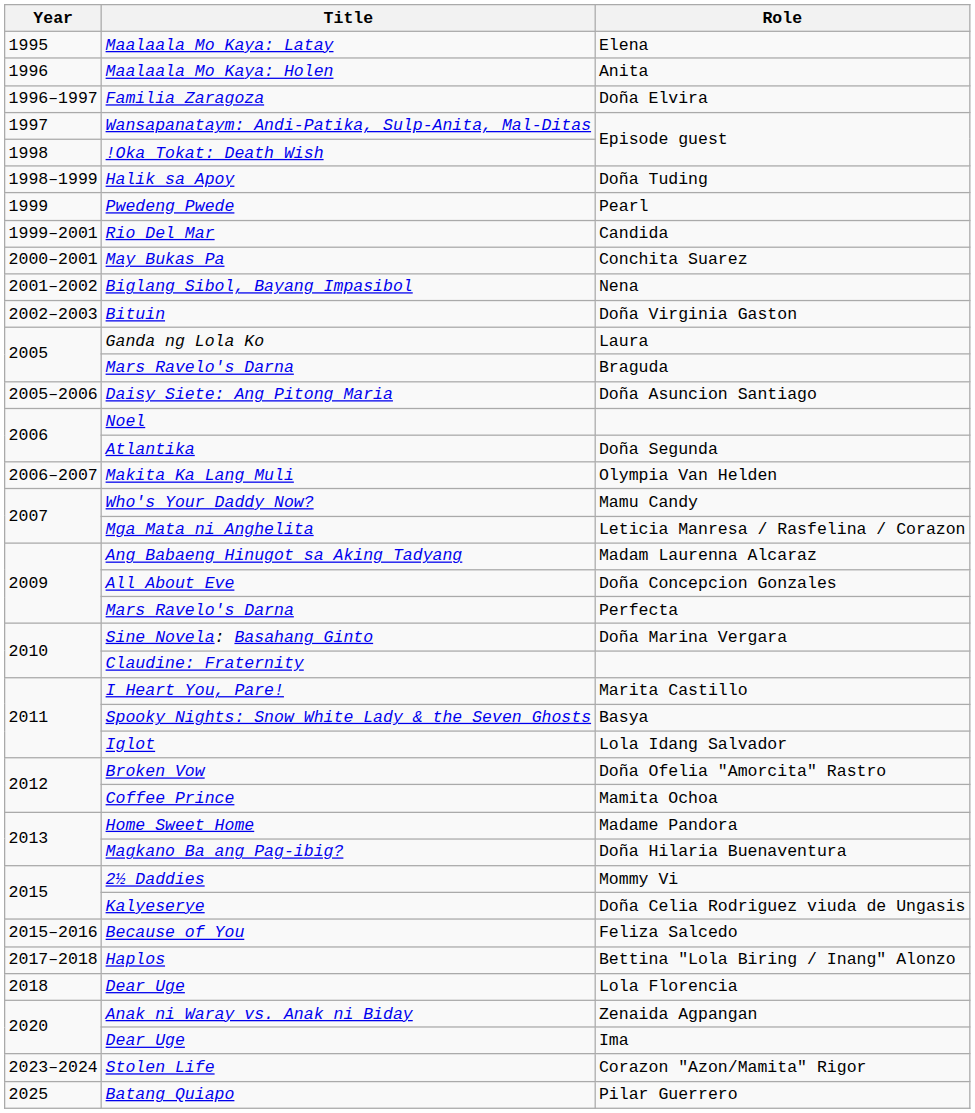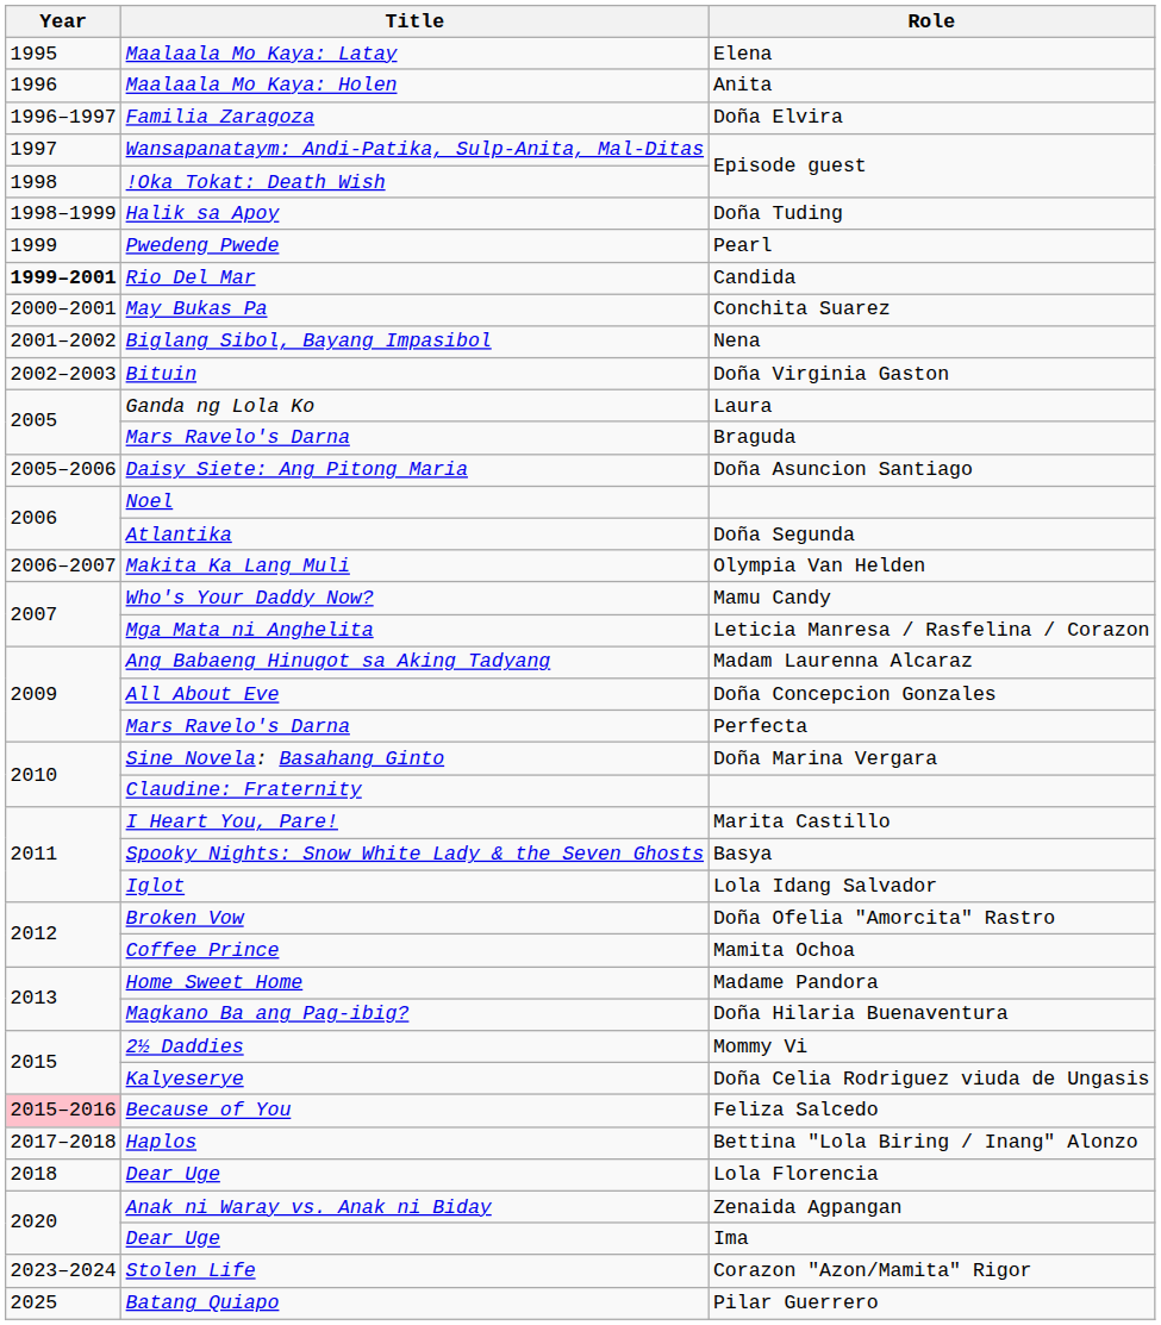 <table class="wikitable sortable">
 <tr>
 <th>Year</th>
 <th>Title</th>
 <th>Role</th>
 </tr>
 <tr>
 <td>1995</td>
 <td><a href='#'><em>Maalaala Mo Kaya: Latay</em></a></td>
 <td>Elena</td>
 </tr>
 <tr>
 <td>1996</td>
 <td><a href='#'><em>Maalaala Mo Kaya: Holen</em></a></td>
 <td>Anita</td>
 </tr>
 <tr>
 <td>1996–1997</td>
 <td><em><a href='#'>Familia Zaragoza</a></em></td>
 <td>Doña Elvira</td>
 </tr>
 <tr>
 <td>1997</td>
 <td><em><a href='#'>Wansapanataym: Andi-Patika, Sulp-Anita, Mal-Ditas</a></em></td>
 <td rowspan="2">Episode guest</td>
 </tr>
 <tr>
 <td>1998</td>
 <td><em><a href='#'>!Oka Tokat: Death Wish</a></em></td>
 </tr>
 <tr>
 <td>1998–1999</td>
 <td><em><a href='#'>Halik sa Apoy</a></em></td>
 <td>Doña Tuding</td>
 </tr>
 <tr>
 <td>1999</td>
 <td><em><a href='#'>Pwedeng Pwede</a></em></td>
 <td>Pearl</td>
 </tr>
 <tr>
-<td>1999–2001</td>
+<td><strong>1999–2001</strong></td>
 <td><em><a href='#'>Rio Del Mar</a></em></td>
 <td>Candida</td>
 </tr>
 <tr>
 <td>2000–2001</td>
 <td><em><a href='#'>May Bukas Pa</a></em></td>
 <td>Conchita Suarez</td>
 </tr>
 <tr>
 <td>2001–2002</td>
 <td><em><a href='#'>Biglang Sibol, Bayang Impasibol</a></em></td>
 <td>Nena</td>
 </tr>
 <tr>
 <td>2002–2003</td>
 <td><em><a href='#'>Bituin</a></em></td>
 <td>Doña Virginia Gaston</td>
 </tr>
 <tr>
 <td rowspan="2">2005</td>
 <td><em>Ganda ng Lola Ko</em></td>
 <td>Laura</td>
 </tr>
 <tr>
 <td><em><a href='#'>Mars Ravelo's Darna</a></em></td>
 <td>Braguda</td>
 </tr>
 <tr>
 <td>2005–2006</td>
 <td><em><a href='#'>Daisy Siete: Ang Pitong Maria</a></em></td>
 <td>Doña Asuncion Santiago</td>
 </tr>
 <tr>
 <td rowspan="2">2006</td>
 <td><em><a href='#'>Noel</a></em></td>
 <td></td>
 </tr>
 <tr>
 <td><em><a href='#'>Atlantika</a></em></td>
 <td>Doña Segunda</td>
 </tr>
 <tr>
 <td>2006–2007</td>
 <td><em><a href='#'>Makita Ka Lang Muli</a></em></td>
 <td>Olympia Van Helden</td>
 </tr>
 <tr>
 <td rowspan="2">2007</td>
 <td><em><a href='#'>Who's Your Daddy Now?</a></em></td>
 <td>Mamu Candy</td>
 </tr>
 <tr>
 <td><em><a href='#'>Mga Mata ni Anghelita</a></em></td>
 <td>Leticia Manresa / Rasfelina / Corazon</td>
 </tr>
 <tr>
 <td rowspan="3">2009</td>
 <td><em><a href='#'>Ang Babaeng Hinugot sa Aking Tadyang</a></em></td>
 <td>Madam Laurenna Alcaraz</td>
 </tr>
 <tr>
 <td><em><a href='#'>All About Eve</a></em></td>
 <td>Doña Concepcion Gonzales</td>
 </tr>
 <tr>
 <td><em><a href='#'>Mars Ravelo's Darna</a></em></td>
 <td>Perfecta</td>
 </tr>
 <tr>
 <td rowspan="2">2010</td>
 <td><em><a href='#'>Sine Novela</a>: <a href='#'>Basahang Ginto</a></em></td>
 <td>Doña Marina Vergara</td>
 </tr>
 <tr>
 <td><em><a href='#'>Claudine: Fraternity</a></em></td>
 <td></td>
 </tr>
 <tr>
 <td rowspan="3">2011</td>
 <td><em><a href='#'>I Heart You, Pare!</a></em></td>
 <td>Marita Castillo</td>
 </tr>
 <tr>
 <td><em><a href='#'>Spooky Nights: Snow White Lady & the Seven Ghosts</a></em></td>
 <td>Basya</td>
 </tr>
 <tr>
 <td><em><a href='#'>Iglot</a></em></td>
 <td>Lola Idang Salvador</td>
 </tr>
 <tr>
 <td rowspan="2">2012</td>
 <td><em><a href='#'>Broken Vow</a></em></td>
 <td>Doña Ofelia "Amorcita" Rastro</td>
 </tr>
 <tr>
 <td><em><a href='#'>Coffee Prince</a></em></td>
 <td>Mamita Ochoa</td>
 </tr>
 <tr>
 <td rowspan="2">2013</td>
 <td><em><a href='#'>Home Sweet Home</a></em></td>
 <td>Madame Pandora</td>
 </tr>
 <tr>
 <td><em><a href='#'>Magkano Ba ang Pag-ibig?</a></em></td>
 <td>Doña Hilaria Buenaventura</td>
 </tr>
 <tr>
 <td rowspan="2">2015</td>
 <td><em><a href='#'>2½ Daddies</a></em></td>
 <td>Mommy Vi</td>
 </tr>
 <tr>
 <td><em><a href='#'>Kalyeserye</a></em></td>
 <td>Doña Celia Rodriguez viuda de Ungasis</td>
 </tr>
 <tr>
-<td>2015–2016</td>
+<td style="background: pink;">2015–2016</td>
 <td><em><a href='#'>Because of You</a></em></td>
 <td>Feliza Salcedo</td>
 </tr>
 <tr>
 <td>2017–2018</td>
 <td><em><a href='#'>Haplos</a></em></td>
 <td>Bettina "Lola Biring / Inang" Alonzo</td>
 </tr>
 <tr>
 <td>2018</td>
 <td><em><a href='#'>Dear Uge</a></em></td>
 <td>Lola Florencia</td>
 </tr>
 <tr>
 <td rowspan="2">2020</td>
 <td><em><a href='#'>Anak ni Waray vs. Anak ni Biday</a></em></td>
 <td>Zenaida Agpangan</td>
 </tr>
 <tr>
 <td><em><a href='#'>Dear Uge</a></em></td>
 <td>Ima</td>
 </tr>
 <tr>
 <td>2023–2024</td>
 <td><em><a href='#'>Stolen Life</a></em></td>
 <td>Corazon "Azon/Mamita" Rigor</td>
 </tr>
 <tr>
 <td>2025</td>
 <td><em><a href='#'>Batang Quiapo</a></em></td>
 <td>Pilar Guerrero</td>
 </tr>
 </table>
